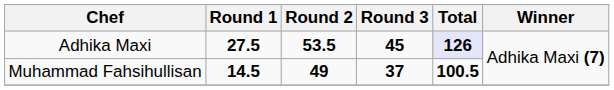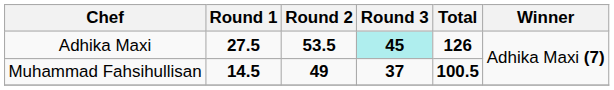 <table class="wikitable"  style="float:left; margin:auto; text-align:center;">
 <tr>
 <th>Chef</th>
 <th>Round 1</th>
 <th>Round 2</th>
 <th>Round 3</th>
 <th>Total</th>
 <th>Winner</th>
 </tr>
 <tr>
 <td>Adhika Maxi</td>
 <td><strong>27.5</strong></td>
 <td><strong>53.5</strong></td>
-<td><strong>45</strong></td>
-<td style="background: lavender;"><strong>126</strong></td>
+<td style="background: paleturquoise;"><strong>45</strong></td>
+<td><strong>126</strong></td>
 <td rowspan=2>Adhika Maxi <strong>(7)</strong></td>
 </tr>
 <tr>
 <td>Muhammad Fahsihullisan</td>
 <td><strong>14.5</strong></td>
 <td><strong>49</strong></td>
 <td><strong>37</strong></td>
 <td><strong>100.5</strong></td>
 </tr>
 <tr>
 </tr>
 </table>
